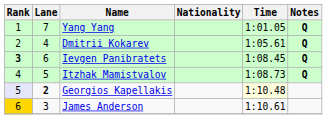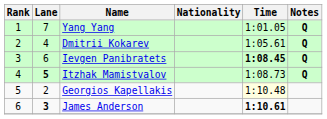 <table class="wikitable">
 <tr>
 <th>Rank</th>
 <th>Lane</th>
 <th>Name</th>
 <th>Nationality</th>
 <th>Time</th>
 <th>Notes</th>
 </tr>
 <tr bgcolor=ccffcc>
 <td align=center>1</td>
 <td align=center>7</td>
 <td><a href='#'>Yang Yang</a></td>
 <td></td>
 <td align=center>1:01.05</td>
 <td align=center><strong>Q</strong></td>
 </tr>
 <tr bgcolor=ccffcc>
 <td align=center>2</td>
 <td align=center>4</td>
 <td><a href='#'>Dmitrii Kokarev</a></td>
 <td></td>
 <td align=center>1:05.61</td>
 <td align=center><strong>Q</strong></td>
 </tr>
 <tr bgcolor=ccffcc>
-<td align=center><strong>3</strong></td>
+<td align=center>3</td>
 <td align=center>6</td>
 <td><a href='#'>Ievgen Panibratets</a></td>
 <td></td>
-<td align=center>1:08.45</td>
+<td align=center><strong>1:08.45</strong></td>
 <td align=center><strong>Q</strong></td>
 </tr>
 <tr bgcolor=ccffcc>
 <td align=center>4</td>
-<td align=center>5</td>
+<td align=center><strong>5</strong></td>
 <td><a href='#'>Itzhak Mamistvalov</a></td>
 <td></td>
 <td align=center>1:08.73</td>
 <td align=center><strong>Q</strong></td>
 </tr>
 <tr>
-<td align=center style="background: lavender;">5</td>
-<td align=center><strong>2</strong></td>
+<td align=center>5</td>
+<td align=center>2</td>
 <td><a href='#'>Georgios Kapellakis</a></td>
 <td></td>
 <td align=center style="background: lightyellow;">1:10.48</td>
 <td align=center></td>
 </tr>
 <tr>
-<td align=center style="background: gold;">6</td>
-<td align=center>3</td>
+<td align=center>6</td>
+<td align=center><strong>3</strong></td>
 <td><a href='#'>James Anderson</a></td>
 <td></td>
-<td align=center>1:10.61</td>
+<td align=center><strong>1:10.61</strong></td>
 <td align=center></td>
 </tr>
 <tr>
 </tr>
 </table>
